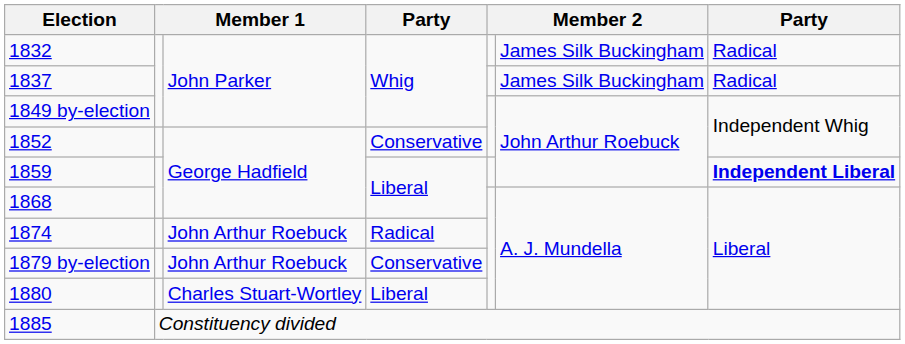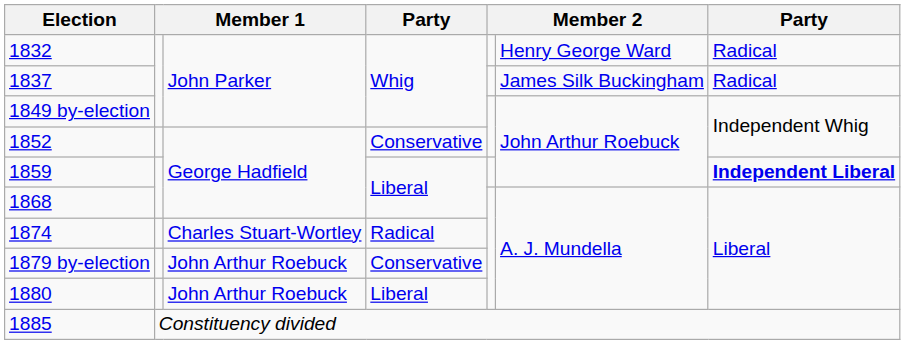 <table class="wikitable">
 <tr>
 <th>Election</th>
 <th colspan="2">Member 1</th>
 <th>Party</th>
 <th colspan="2">Member 2</th>
 <th>Party</th>
 </tr>
 <tr>
 <td><a href='#'>1832</a></td>
 <td rowspan="3" style="color:inherit;background: "></td>
 <td rowspan="3"><a href='#'>John Parker</a></td>
 <td rowspan="3"><a href='#'>Whig</a></td>
 <td style="color:inherit;background: "></td>
-<td><a href='#'>James Silk Buckingham</a></td>
+<td><a href='#'>Henry George Ward</a></td>
 <td><a href='#'>Radical</a></td>
 </tr>
 <tr>
 <td><a href='#'>1837</a></td>
 <td style="color:inherit;background: "></td>
 <td><a href='#'>James Silk Buckingham</a></td>
 <td><a href='#'>Radical</a></td>
 </tr>
 <tr>
 <td><a href='#'>1849 by-election</a></td>
 <td rowspan="2" style="color:inherit;background-color: "></td>
 <td rowspan="3"><a href='#'>John Arthur Roebuck</a></td>
 <td rowspan="2">Independent Whig</td>
 </tr>
 <tr>
 <td><a href='#'>1852</a></td>
 <td style="color:inherit;background: "></td>
 <td rowspan="3"><a href='#'>George Hadfield</a></td>
 <td><a href='#'>Conservative</a></td>
 </tr>
 <tr>
 <td><a href='#'>1859</a></td>
 <td rowspan="2" style="color:inherit;background: "></td>
 <td rowspan="2"><a href='#'>Liberal</a></td>
 <td style="color:inherit;background-color: "></td>
 <td><strong><a href='#'>Independent Liberal</a></strong></td>
 </tr>
 <tr>
 <td><a href='#'>1868</a></td>
 <td rowspan="4" style="color:inherit;background: "></td>
 <td rowspan="4"><a href='#'>A. J. Mundella</a></td>
 <td rowspan="4"><a href='#'>Liberal</a></td>
 </tr>
 <tr>
 <td><a href='#'>1874</a></td>
 <td style="color:inherit;background: "></td>
-<td><a href='#'>John Arthur Roebuck</a></td>
+<td><a href='#'>Charles Stuart-Wortley</a></td>
 <td><a href='#'>Radical</a></td>
 </tr>
 <tr>
 <td><a href='#'>1879 by-election</a></td>
 <td style="color:inherit;background: "></td>
 <td><a href='#'>John Arthur Roebuck</a></td>
 <td><a href='#'>Conservative</a></td>
 </tr>
 <tr>
 <td><a href='#'>1880</a></td>
 <td style="color:inherit;background: "></td>
-<td><a href='#'>Charles Stuart-Wortley</a></td>
+<td><a href='#'>John Arthur Roebuck</a></td>
 <td><a href='#'>Liberal</a></td>
 </tr>
 <tr>
 <td><a href='#'>1885</a></td>
 <td colspan="6"><em>Constituency divided</em></td>
 </tr>
 </table>
